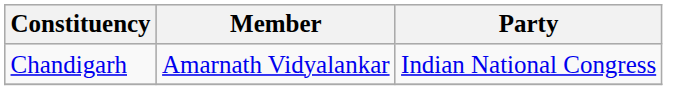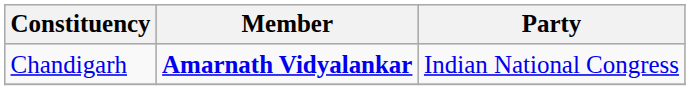 <table class="wikitable sortable">
 <tr>
 <th>Constituency</th>
 <th>Member</th>
 <th>Party</th>
 </tr>
 <tr>
 <td><a href='#'>Chandigarh</a></td>
-<td><a href='#'>Amarnath Vidyalankar</a></td>
+<td><strong><a href='#'>Amarnath Vidyalankar</a></strong></td>
 <td><a href='#'>Indian National Congress</a></td>
 </tr>
 <tr>
 </tr>
 </table>
